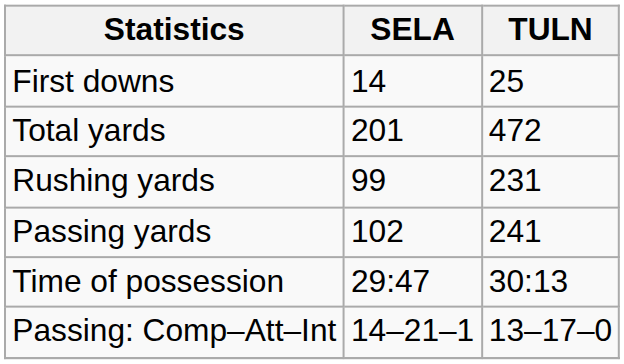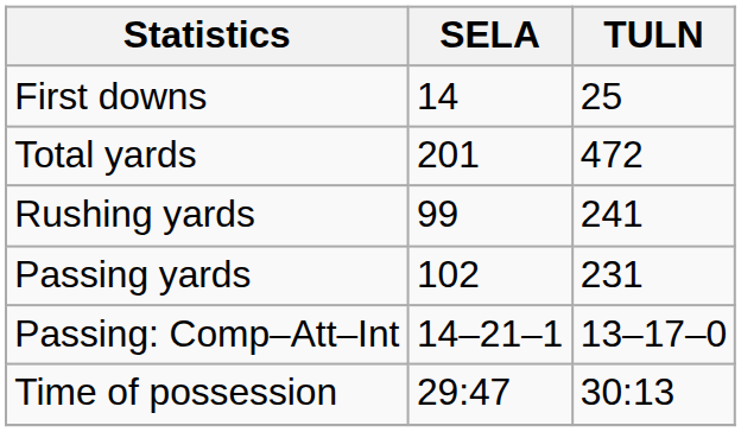 <table class="wikitable" style="float: left;">
 <tr>
 <th>Statistics</th>
 <th>SELA</th>
 <th>TULN</th>
 </tr>
 <tr>
 <td>First downs</td>
 <td>14</td>
 <td>25</td>
 </tr>
 <tr>
 <td>Total yards</td>
 <td>201</td>
 <td>472</td>
 </tr>
 <tr>
 <td>Rushing yards</td>
 <td>99</td>
-<td>231</td>
+<td>241</td>
 </tr>
 <tr>
 <td>Passing yards</td>
 <td>102</td>
-<td>241</td>
+<td>231</td>
+</tr>
+<tr>
+<td>Passing: Comp–Att–Int</td>
+<td>14–21–1</td>
+<td>13–17–0</td>
 </tr>
 <tr>
 <td>Time of possession</td>
 <td>29:47</td>
 <td>30:13</td>
 </tr>
 <tr>
-<td>Passing: Comp–Att–Int</td>
-<td>14–21–1</td>
-<td>13–17–0</td>
-</tr>
-<tr>
 </tr>
 </table>
